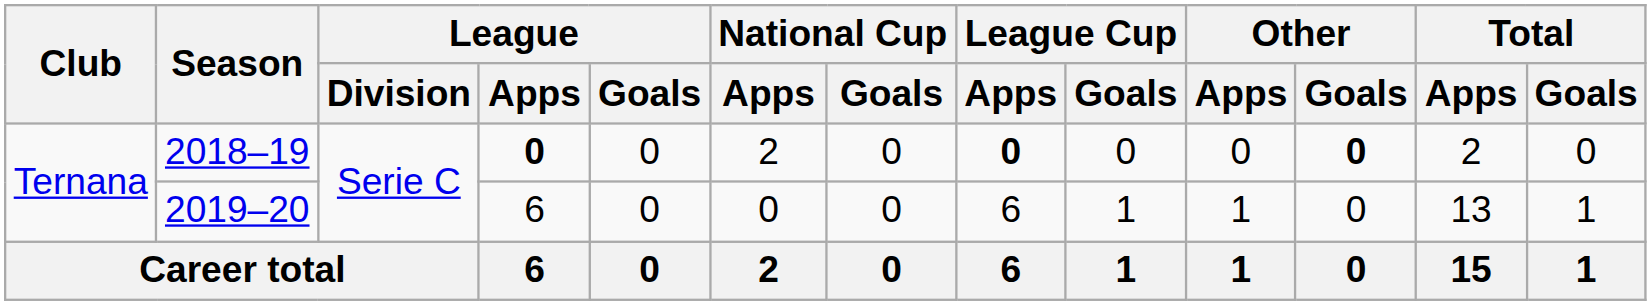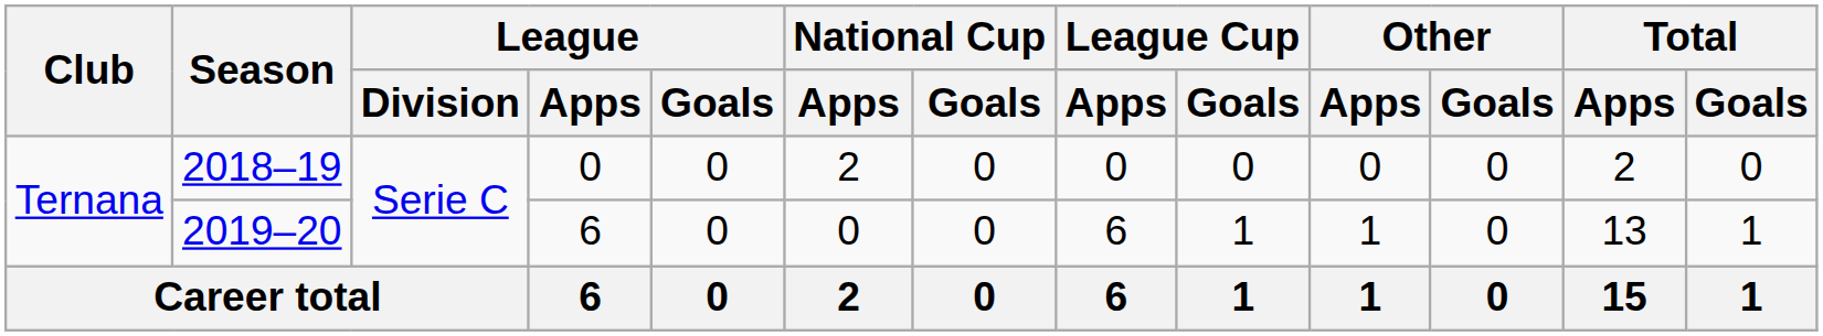 <table class="wikitable" style="text-align: center">
 <tr>
 <th rowspan="2">Club</th>
 <th rowspan="2">Season</th>
 <th colspan="3">League</th>
 <th colspan="2">National Cup</th>
 <th colspan="2">League Cup</th>
 <th colspan="2">Other</th>
 <th colspan="2">Total</th>
 </tr>
 <tr>
 <th>Division</th>
 <th>Apps</th>
 <th>Goals</th>
 <th>Apps</th>
 <th>Goals</th>
 <th>Apps</th>
 <th>Goals</th>
 <th>Apps</th>
 <th>Goals</th>
 <th>Apps</th>
 <th>Goals</th>
 </tr>
 <tr>
 <td rowspan="2"><a href='#'>Ternana</a></td>
 <td><a href='#'>2018–19</a></td>
 <td rowspan="2"><a href='#'>Serie C</a></td>
-<td><strong>0</strong></td>
+<td>0</td>
 <td>0</td>
 <td>2</td>
 <td>0</td>
-<td><strong>0</strong></td>
 <td>0</td>
 <td>0</td>
-<td><strong>0</strong></td>
+<td>0</td>
+<td>0</td>
 <td>2</td>
 <td>0</td>
 </tr>
 <tr>
 <td><a href='#'>2019–20</a></td>
 <td>6</td>
 <td>0</td>
 <td>0</td>
 <td>0</td>
 <td>6</td>
 <td>1</td>
 <td>1</td>
 <td>0</td>
 <td>13</td>
 <td>1</td>
 </tr>
 <tr>
 <th colspan="3">Career total</th>
 <th>6</th>
 <th>0</th>
 <th>2</th>
 <th>0</th>
 <th>6</th>
 <th>1</th>
 <th>1</th>
 <th>0</th>
 <th>15</th>
 <th>1</th>
 </tr>
 </table>
